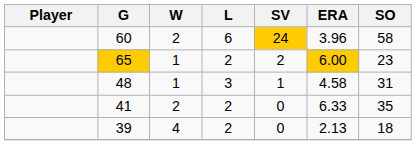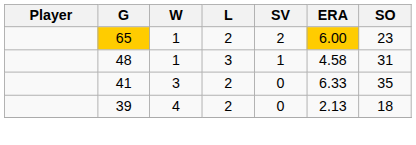 <table class="wikitable sortable">
 <tr>
 <th bgcolor="#DDDDFF" width="16%">Player</th>
 <th bgcolor="#DDDDFF" width="9%">G</th>
 <th bgcolor="#DDDDFF" width="9%">W</th>
 <th bgcolor="#DDDDFF" width="9%">L</th>
 <th bgcolor="#DDDDFF" width="9%">SV</th>
 <th bgcolor="#DDDDFF" width="9%">ERA</th>
 <th bgcolor="#DDDDFF" width="9%">SO</th>
-</tr>
-<tr align="center">
-<td></td>
-<td>60</td>
-<td>2</td>
-<td>6</td>
-<td style="background:#fc0;">24</td>
-<td>3.96</td>
-<td>58</td>
 </tr>
 <tr align=center>
 <td></td>
 <td style="background:#fc0;">65</td>
 <td>1</td>
 <td>2</td>
 <td>2</td>
 <td style="background:#fc0;">6.00</td>
 <td>23</td>
 </tr>
 <tr align="center">
 <td></td>
 <td>48</td>
 <td>1</td>
 <td>3</td>
 <td>1</td>
 <td>4.58</td>
 <td>31</td>
 </tr>
 <tr align="center">
 <td></td>
 <td>41</td>
-<td>2</td>
+<td>3</td>
 <td>2</td>
 <td>0</td>
 <td>6.33</td>
 <td>35</td>
 </tr>
 <tr align="center">
 <td></td>
 <td>39</td>
 <td>4</td>
 <td>2</td>
 <td>0</td>
 <td>2.13</td>
 <td>18</td>
 </tr>
 <tr align="center">
 </tr>
 </table>
